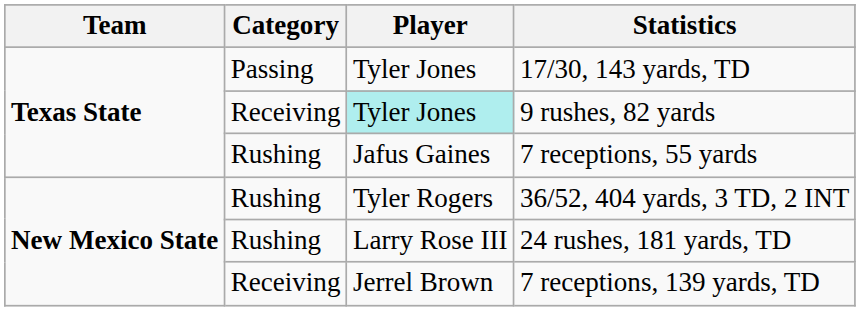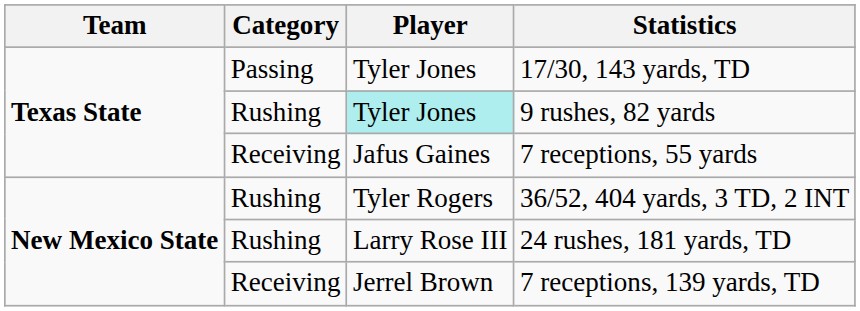 <table class="wikitable" style="float: left;">
 <tr>
 <th>Team</th>
 <th>Category</th>
 <th>Player</th>
 <th>Statistics</th>
 </tr>
 <tr>
 <td rowspan=3><strong>Texas State</strong></td>
 <td>Passing</td>
 <td>Tyler Jones</td>
 <td>17/30, 143 yards, TD</td>
 </tr>
 <tr>
-<td>Receiving</td>
+<td>Rushing</td>
 <td style="background: paleturquoise;">Tyler Jones</td>
 <td>9 rushes, 82 yards</td>
 </tr>
 <tr>
-<td>Rushing</td>
+<td>Receiving</td>
 <td>Jafus Gaines</td>
 <td>7 receptions, 55 yards</td>
 </tr>
 <tr>
 <td rowspan=3><strong>New Mexico State</strong></td>
 <td>Rushing</td>
 <td>Tyler Rogers</td>
 <td>36/52, 404 yards, 3 TD, 2 INT</td>
 </tr>
 <tr>
 <td>Rushing</td>
 <td>Larry Rose III</td>
 <td>24 rushes, 181 yards, TD</td>
 </tr>
 <tr>
 <td>Receiving</td>
 <td>Jerrel Brown</td>
 <td>7 receptions, 139 yards, TD</td>
 </tr>
 </table>
